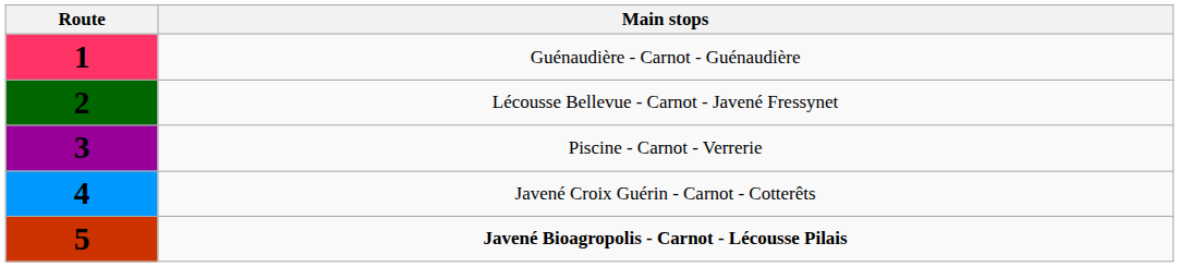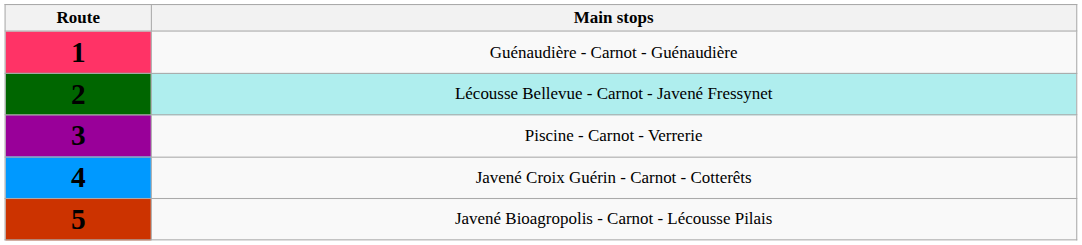 <table class="wikitable" style="text-align:center; width:80%; margin: auto">
 <tr>
 <th scope=col>Route</th>
 <th scope=col>Main stops</th>
 </tr>
 <tr>
 <td rowspan="1"  bgcolor="#ff3366"><div><strong><big><big><big><span>1</span></big></big></big></strong></div></td>
 <td>Guénaudière - Carnot - Guénaudière</td>
 </tr>
 <tr>
 <td rowspan="1"  bgcolor="#006600"><div><strong><big><big><big><span>2</span></big></big></big></strong></div></td>
-<td>Lécousse Bellevue - Carnot - Javené Fressynet</td>
+<td style="background: paleturquoise;">Lécousse Bellevue - Carnot - Javené Fressynet</td>
 </tr>
 <tr>
 <td rowspan="1"  bgcolor="#990099"><div><strong><big><big><big><span>3</span></big></big></big></strong></div></td>
 <td>Piscine - Carnot - Verrerie</td>
 </tr>
 <tr>
 <td rowspan="1"  bgcolor="#0099ff"><div><strong><big><big><big><span>4</span></big></big></big></strong></div></td>
 <td>Javené Croix Guérin - Carnot - Cotterêts</td>
 </tr>
 <tr>
 <td rowspan="1"  bgcolor="#cc3300"><div><strong><big><big><big><span>5</span></big></big></big></strong></div></td>
-<td><strong>Javené Bioagropolis - Carnot - Lécousse Pilais</strong></td>
+<td>Javené Bioagropolis - Carnot - Lécousse Pilais</td>
 </tr>
 </table>
